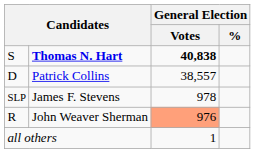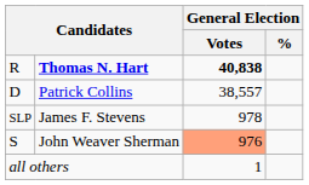 <table class=wikitable>
 <tr>
 <th colspan=2 rowspan=2><strong>Candidates</strong></th>
 <th colspan=2><strong>General Election</strong></th>
 </tr>
 <tr>
 <th>Votes</th>
 <th>%</th>
 </tr>
 <tr>
-<td>S</td>
+<td>R</td>
 <td><strong><a href='#'>Thomas N. Hart</a></strong></td>
 <td align="right"><strong>40,838</strong></td>
 <td align="right"><strong></strong></td>
 </tr>
 <tr>
 <td>D</td>
 <td><a href='#'>Patrick Collins</a></td>
 <td align="right">38,557</td>
 <td align="right"></td>
 </tr>
 <tr>
 <td><small>SLP</small></td>
 <td>James F. Stevens</td>
 <td align="right">978</td>
 <td align="right"></td>
 </tr>
 <tr>
-<td>R</td>
+<td>S</td>
 <td>John Weaver Sherman</td>
 <td align="right" style="background: lightsalmon;">976</td>
 <td align="right"></td>
 </tr>
 <tr>
 <td colspan=2><em>all others</em></td>
 <td align="right">1</td>
 <td align="right"></td>
 </tr>
 </table>
